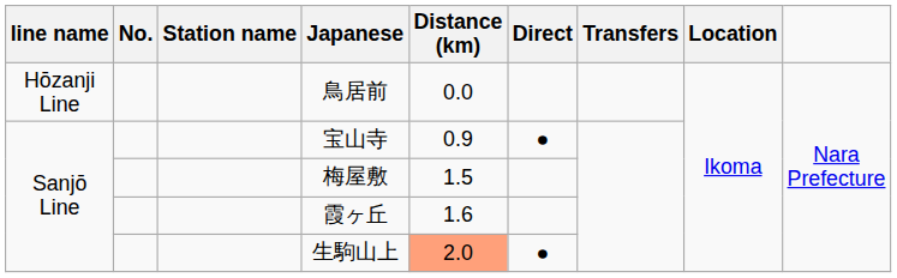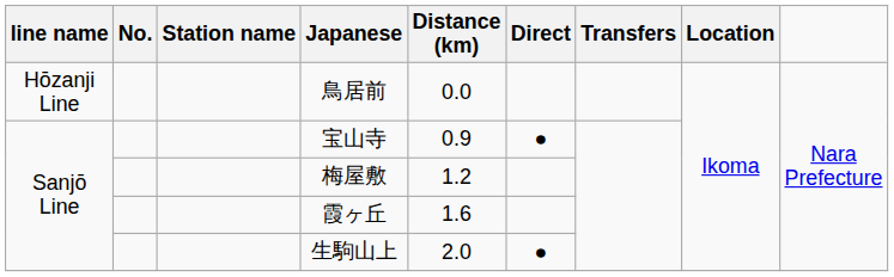 <table border="1" class=wikitable style="text-align: center;">
 <tr style="text-align: center; ">
 <th style="border-bottom:solid 2px #">line name</th>
 <th style="border-bottom:solid 2px #">No.</th>
 <th style="border-bottom:solid 2px #">Station name</th>
 <th style="border-bottom:solid 2px #">Japanese</th>
 <th style="border-bottom:solid 2px #">Distance<br>(km)</th>
 <th style="border-bottom:solid 2px #">Direct</th>
 <th style="border-bottom:solid 2px #">Transfers</th>
 <th style="border-bottom:solid 2px #">Location</th>
 </tr>
 <tr>
 <td>Hōzanji<br>Line</td>
 <td></td>
 <td></td>
 <td>鳥居前</td>
 <td>0.0</td>
 <td></td>
 <td style="text-align=left;"></td>
 <td rowspan="5"><a href='#'>Ikoma</a></td>
 <td rowspan="5"><a href='#'>Nara<br>Prefecture</a></td>
 </tr>
 <tr>
 <td rowspan="4">Sanjō<br>Line</td>
 <td></td>
 <td></td>
 <td>宝山寺</td>
 <td>0.9</td>
 <td>●</td>
 <td rowspan="4"></td>
 </tr>
 <tr>
 <td></td>
 <td></td>
 <td>梅屋敷</td>
-<td>1.5</td>
+<td>1.2</td>
 <td></td>
 </tr>
 <tr>
 <td></td>
 <td></td>
 <td>霞ヶ丘</td>
 <td>1.6</td>
 <td></td>
 </tr>
 <tr>
 <td></td>
 <td></td>
 <td>生駒山上</td>
-<td style="background: lightsalmon;">2.0</td>
+<td>2.0</td>
 <td>●</td>
 </tr>
 <tr>
 </tr>
 </table>
